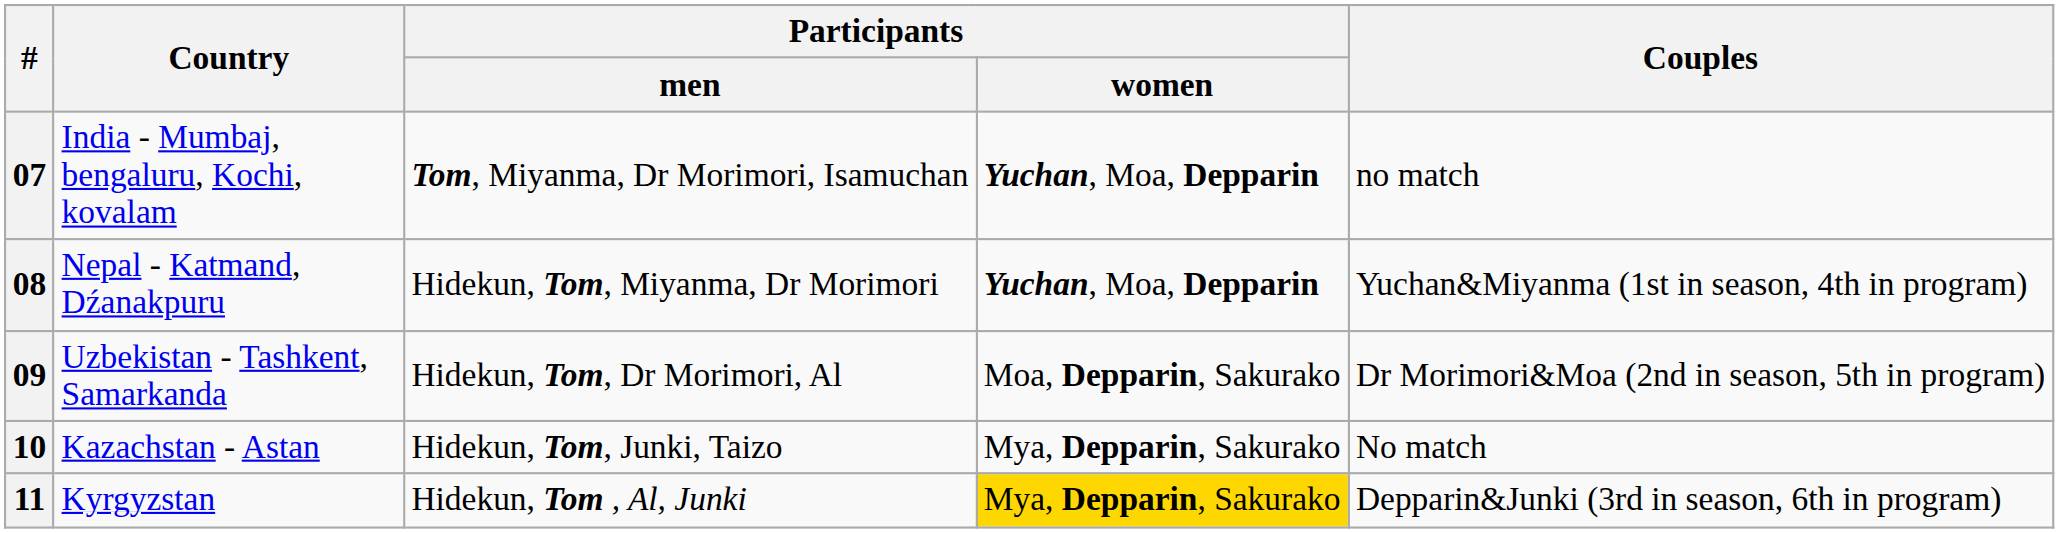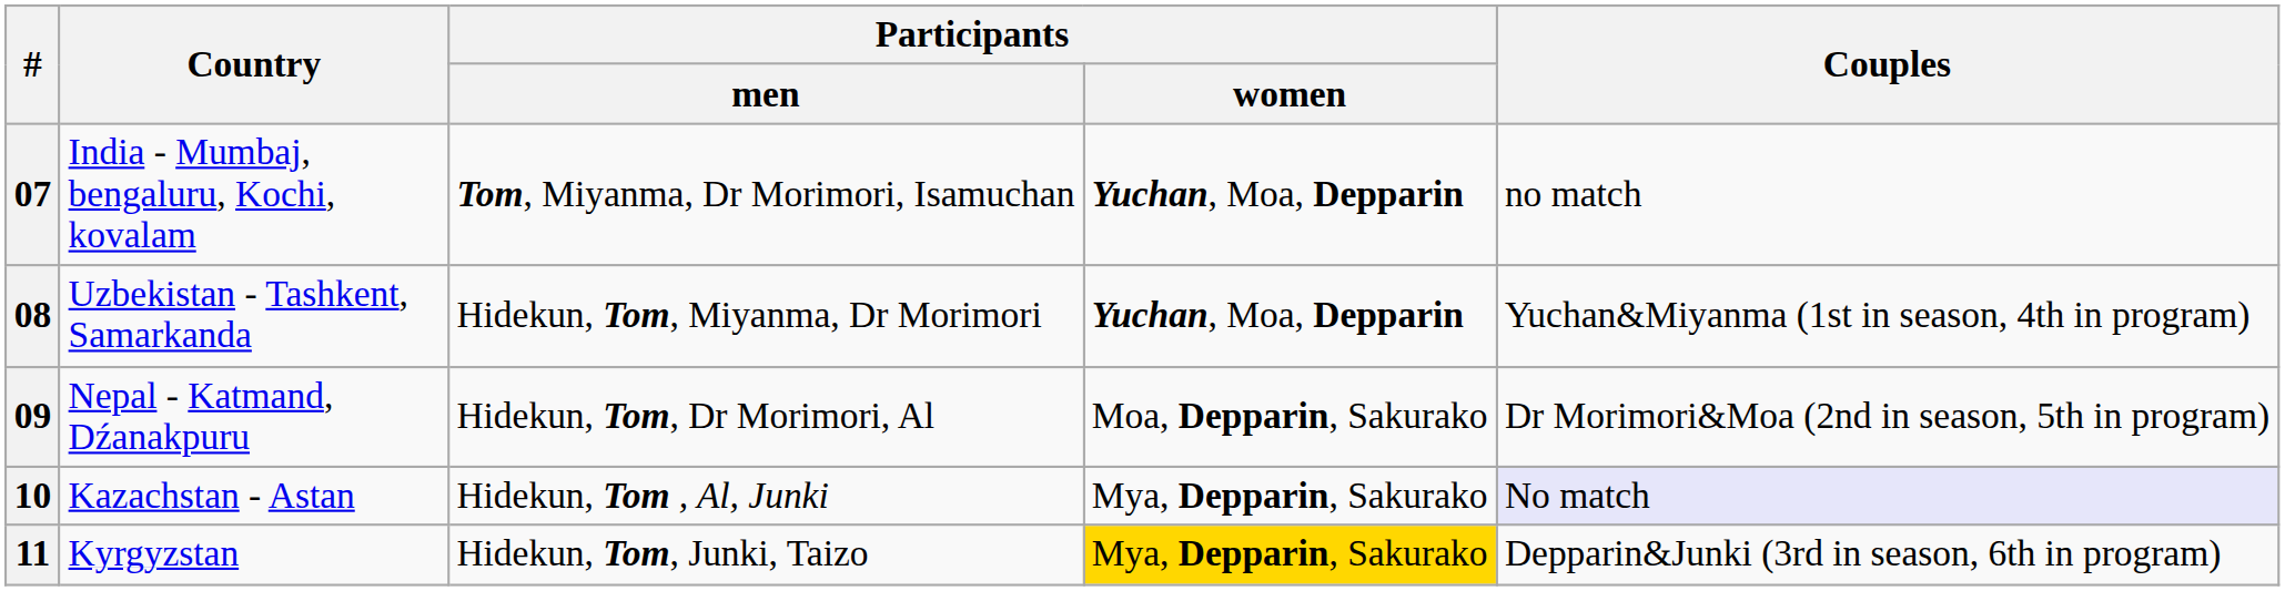 <table class="wikitable">
 <tr>
 <th rowspan="2">#</th>
 <th rowspan="2" style="width:10em;">Country</th>
 <th colspan="2">Participants</th>
 <th rowspan="2">Couples</th>
 </tr>
 <tr>
 <th>men</th>
 <th>women</th>
 </tr>
 <tr>
 <th>07</th>
 <td> <a href='#'>India</a> - <a href='#'>Mumbaj</a>, <a href='#'>bengaluru</a>, <a href='#'>Kochi</a>, <a href='#'>kovalam</a></td>
 <td><strong><em>Tom</em></strong>, Miyanma, Dr Morimori, Isamuchan</td>
 <td><strong><em>Yuchan</em></strong>, Moa, <strong>Depparin</strong></td>
 <td>no match</td>
 </tr>
 <tr>
 <th>08</th>
-<td> <a href='#'>Nepal</a> - <a href='#'>Katmand</a>, <a href='#'>Dźanakpuru</a></td>
+<td> <a href='#'>Uzbekistan</a> - <a href='#'>Tashkent</a>, <a href='#'>Samarkanda</a></td>
 <td>Hidekun, <strong><em>Tom</em></strong>, Miyanma, Dr Morimori</td>
 <td><strong><em>Yuchan</em></strong>, Moa, <strong>Depparin</strong></td>
 <td>Yuchan&Miyanma (1st in season, 4th in program)</td>
 </tr>
 <tr>
 <th>09</th>
-<td> <a href='#'>Uzbekistan</a> - <a href='#'>Tashkent</a>, <a href='#'>Samarkanda</a></td>
+<td> <a href='#'>Nepal</a> - <a href='#'>Katmand</a>, <a href='#'>Dźanakpuru</a></td>
 <td>Hidekun, <strong><em>Tom</em></strong>, Dr Morimori, Al</td>
 <td>Moa, <strong>Depparin</strong>, Sakurako</td>
 <td>Dr Morimori&Moa (2nd in season, 5th in program)</td>
 </tr>
 <tr>
 <th>10</th>
 <td> <a href='#'>Kazachstan</a> - <a href='#'>Astan</a></td>
-<td>Hidekun, <strong><em>Tom</em></strong>, Junki, Taizo</td>
+<td>Hidekun, <strong><em>Tom</em></strong> <em>, Al, Junki</em></td>
 <td>Mya, <strong>Depparin</strong>, Sakurako</td>
-<td>No match</td>
+<td style="background: lavender;">No match</td>
 </tr>
 <tr>
 <th>11</th>
 <td> <a href='#'>Kyrgyzstan</a></td>
-<td>Hidekun, <strong><em>Tom</em></strong> <em>, Al, Junki</em></td>
+<td>Hidekun, <strong><em>Tom</em></strong>, Junki, Taizo</td>
 <td style="background: gold;">Mya, <strong>Depparin</strong>, Sakurako</td>
 <td>Depparin&Junki (3rd in season, 6th in program)</td>
 </tr>
 </table>
